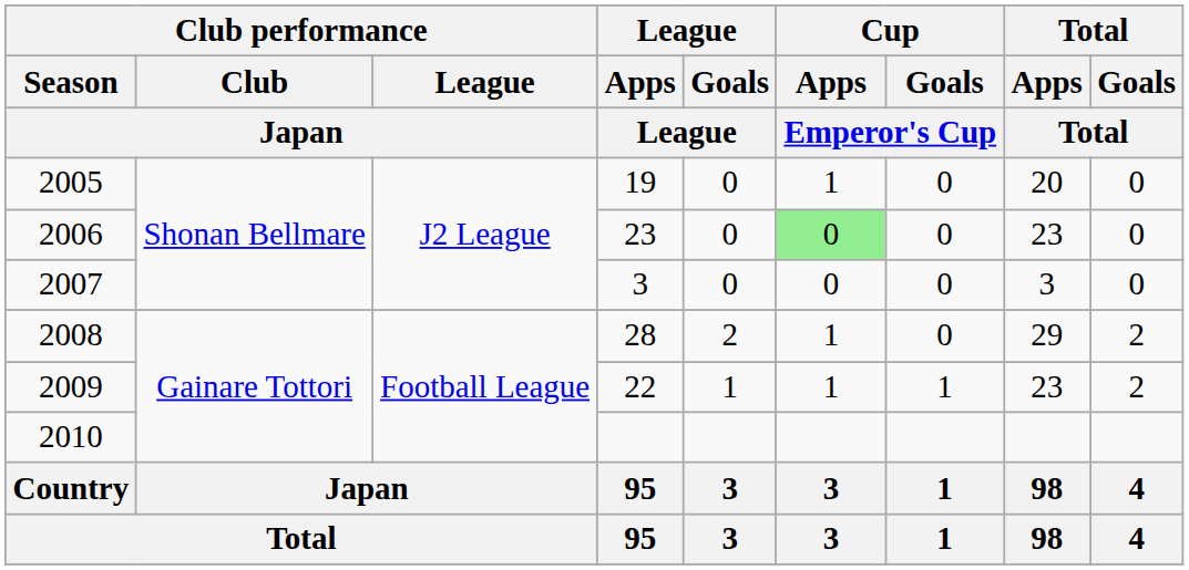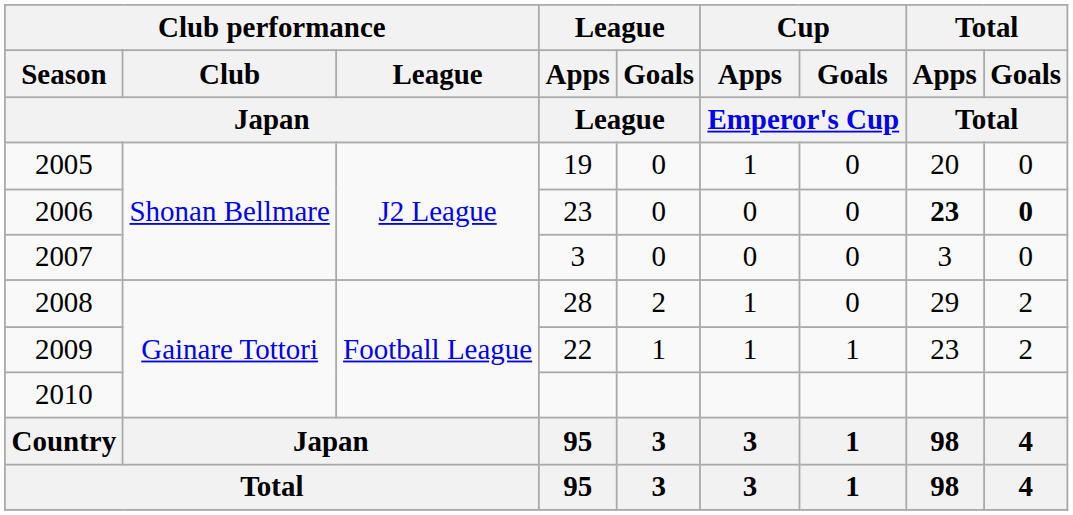 <table class="wikitable" style="text-align:center;">
 <tr>
 <th colspan=3>Club performance</th>
 <th colspan=2>League</th>
 <th colspan=2>Cup</th>
 <th colspan=2>Total</th>
 </tr>
 <tr>
 <th>Season</th>
 <th>Club</th>
 <th>League</th>
 <th>Apps</th>
 <th>Goals</th>
 <th>Apps</th>
 <th>Goals</th>
 <th>Apps</th>
 <th>Goals</th>
 </tr>
 <tr>
 <th colspan=3>Japan</th>
 <th colspan=2>League</th>
 <th colspan=2><a href='#'>Emperor's Cup</a></th>
 <th colspan=2>Total</th>
 </tr>
 <tr>
 <td>2005</td>
 <td rowspan="3"><a href='#'>Shonan Bellmare</a></td>
 <td rowspan="3"><a href='#'>J2 League</a></td>
 <td>19</td>
 <td>0</td>
 <td>1</td>
 <td>0</td>
 <td>20</td>
 <td>0</td>
 </tr>
 <tr>
 <td>2006</td>
 <td>23</td>
 <td>0</td>
-<td style="background: lightgreen;">0</td>
 <td>0</td>
-<td>23</td>
 <td>0</td>
+<td><strong>23</strong></td>
+<td><strong>0</strong></td>
 </tr>
 <tr>
 <td>2007</td>
 <td>3</td>
 <td>0</td>
 <td>0</td>
 <td>0</td>
 <td>3</td>
 <td>0</td>
 </tr>
 <tr>
 <td>2008</td>
 <td rowspan="3"><a href='#'>Gainare Tottori</a></td>
 <td rowspan="3"><a href='#'>Football League</a></td>
 <td>28</td>
 <td>2</td>
 <td>1</td>
 <td>0</td>
 <td>29</td>
 <td>2</td>
 </tr>
 <tr>
 <td>2009</td>
 <td>22</td>
 <td>1</td>
 <td>1</td>
 <td>1</td>
 <td>23</td>
 <td>2</td>
 </tr>
 <tr>
 <td>2010</td>
 <td></td>
 <td></td>
 <td></td>
 <td></td>
 <td></td>
 <td></td>
 </tr>
 <tr>
 <th rowspan=1>Country</th>
 <th colspan=2>Japan</th>
 <th>95</th>
 <th>3</th>
 <th>3</th>
 <th>1</th>
 <th>98</th>
 <th>4</th>
 </tr>
 <tr>
 <th colspan=3>Total</th>
 <th>95</th>
 <th>3</th>
 <th>3</th>
 <th>1</th>
 <th>98</th>
 <th>4</th>
 </tr>
 </table>
